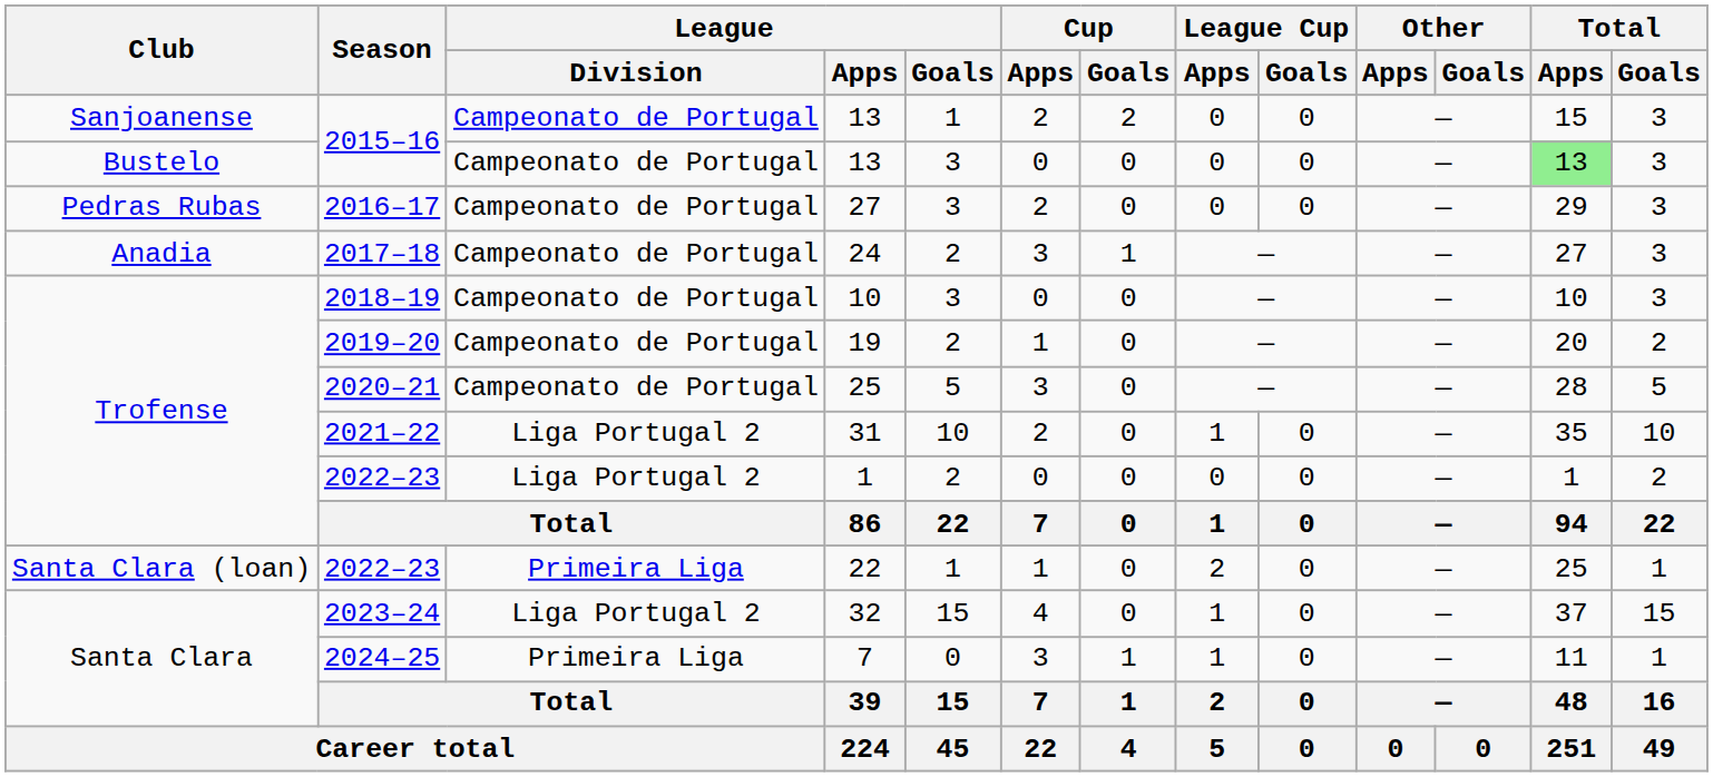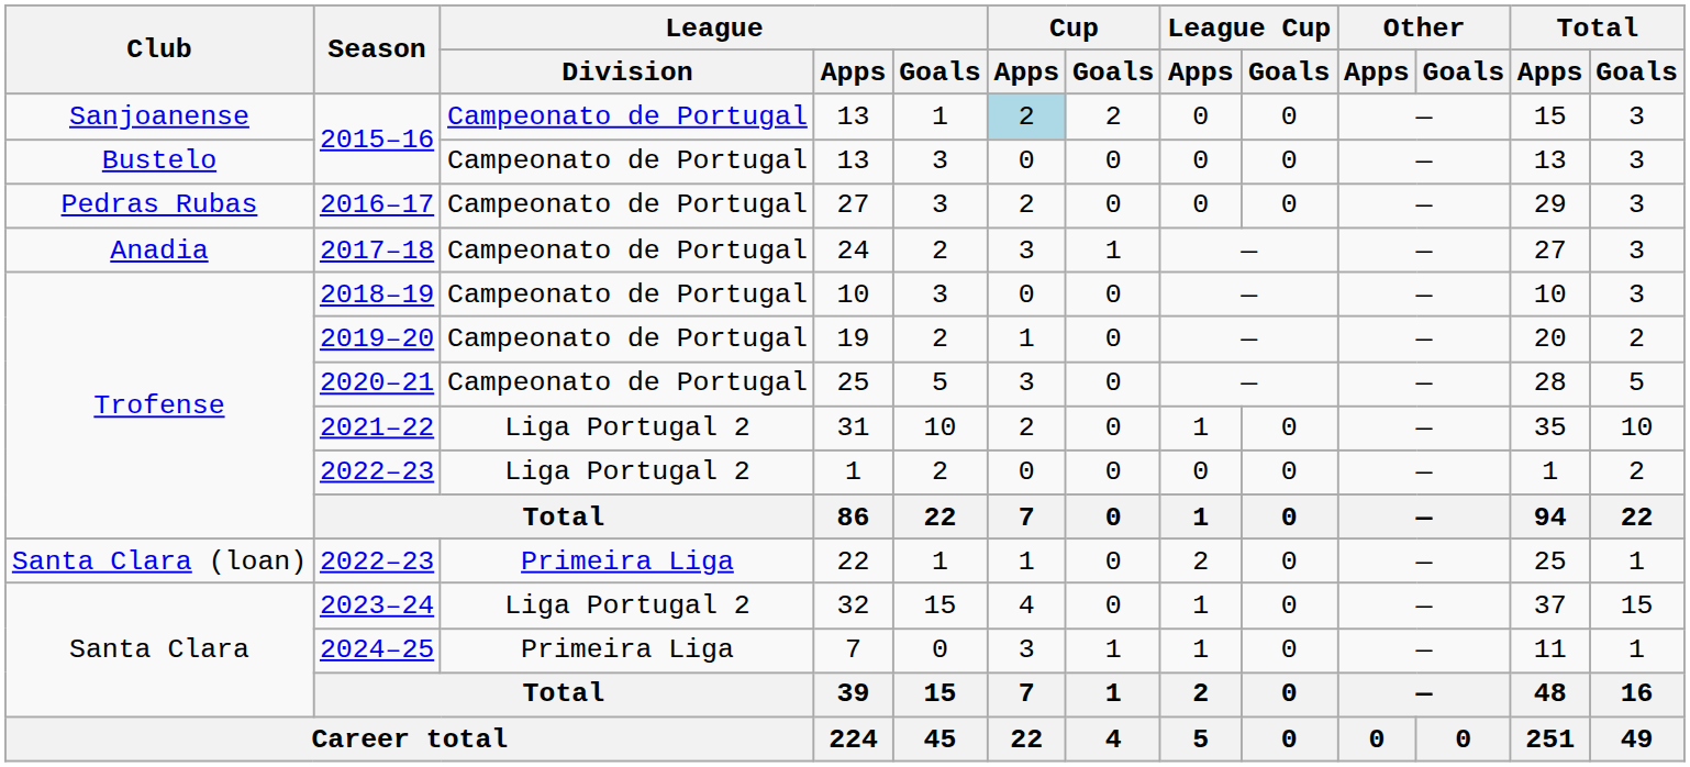 <table class="wikitable" style="text-align: center;">
 <tr>
 <th rowspan="2">Club</th>
 <th rowspan="2">Season</th>
 <th colspan="3">League</th>
 <th colspan="2">Cup</th>
 <th colspan="2">League Cup</th>
 <th colspan="2">Other</th>
 <th colspan="2">Total</th>
 </tr>
 <tr>
 <th>Division</th>
 <th>Apps</th>
 <th>Goals</th>
 <th>Apps</th>
 <th>Goals</th>
 <th>Apps</th>
 <th>Goals</th>
 <th>Apps</th>
 <th>Goals</th>
 <th>Apps</th>
 <th>Goals</th>
 </tr>
 <tr>
 <td><a href='#'>Sanjoanense</a></td>
 <td rowspan="2"><a href='#'>2015–16</a></td>
 <td><a href='#'>Campeonato de Portugal</a></td>
 <td>13</td>
 <td>1</td>
-<td>2</td>
+<td style="background: lightblue;">2</td>
 <td>2</td>
 <td>0</td>
 <td>0</td>
 <td colspan="2">—</td>
 <td>15</td>
 <td>3</td>
 </tr>
 <tr>
 <td><a href='#'>Bustelo</a></td>
 <td>Campeonato de Portugal</td>
 <td>13</td>
 <td>3</td>
 <td>0</td>
 <td>0</td>
 <td>0</td>
 <td>0</td>
 <td colspan="2">—</td>
-<td style="background: lightgreen;">13</td>
+<td>13</td>
 <td>3</td>
 </tr>
 <tr>
 <td><a href='#'>Pedras Rubas</a></td>
 <td><a href='#'>2016–17</a></td>
 <td>Campeonato de Portugal</td>
 <td>27</td>
 <td>3</td>
 <td>2</td>
 <td>0</td>
 <td>0</td>
 <td>0</td>
 <td colspan="2">—</td>
 <td>29</td>
 <td>3</td>
 </tr>
 <tr>
 <td><a href='#'>Anadia</a></td>
 <td><a href='#'>2017–18</a></td>
 <td>Campeonato de Portugal</td>
 <td>24</td>
 <td>2</td>
 <td>3</td>
 <td>1</td>
 <td colspan="2">—</td>
 <td colspan="2">—</td>
 <td>27</td>
 <td>3</td>
 </tr>
 <tr>
 <td rowspan="6"><a href='#'>Trofense</a></td>
 <td><a href='#'>2018–19</a></td>
 <td>Campeonato de Portugal</td>
 <td>10</td>
 <td>3</td>
 <td>0</td>
 <td>0</td>
 <td colspan="2">—</td>
 <td colspan="2">—</td>
 <td>10</td>
 <td>3</td>
 </tr>
 <tr>
 <td><a href='#'>2019–20</a></td>
 <td>Campeonato de Portugal</td>
 <td>19</td>
 <td>2</td>
 <td>1</td>
 <td>0</td>
 <td colspan="2">—</td>
 <td colspan="2">—</td>
 <td>20</td>
 <td>2</td>
 </tr>
 <tr>
 <td><a href='#'>2020–21</a></td>
 <td>Campeonato de Portugal</td>
 <td>25</td>
 <td>5</td>
 <td>3</td>
 <td>0</td>
 <td colspan="2">—</td>
 <td colspan="2">—</td>
 <td>28</td>
 <td>5</td>
 </tr>
 <tr>
 <td><a href='#'>2021–22</a></td>
 <td>Liga Portugal 2</td>
 <td>31</td>
 <td>10</td>
 <td>2</td>
 <td>0</td>
 <td>1</td>
 <td>0</td>
 <td colspan="2">—</td>
 <td>35</td>
 <td>10</td>
 </tr>
 <tr>
 <td><a href='#'>2022–23</a></td>
 <td>Liga Portugal 2</td>
 <td>1</td>
 <td>2</td>
 <td>0</td>
 <td>0</td>
 <td>0</td>
 <td>0</td>
 <td colspan="2">—</td>
 <td>1</td>
 <td>2</td>
 </tr>
 <tr>
 <th colspan="2">Total</th>
 <th>86</th>
 <th>22</th>
 <th>7</th>
 <th>0</th>
 <th>1</th>
 <th>0</th>
 <th colspan="2">—</th>
 <th>94</th>
 <th>22</th>
 </tr>
 <tr>
 <td><a href='#'>Santa Clara</a> (loan)</td>
 <td><a href='#'>2022–23</a></td>
 <td><a href='#'>Primeira Liga</a></td>
 <td>22</td>
 <td>1</td>
 <td>1</td>
 <td>0</td>
 <td>2</td>
 <td>0</td>
 <td colspan="2">—</td>
 <td>25</td>
 <td>1</td>
 </tr>
 <tr>
 <td rowspan="3">Santa Clara</td>
 <td><a href='#'>2023–24</a></td>
 <td>Liga Portugal 2</td>
 <td>32</td>
 <td>15</td>
 <td>4</td>
 <td>0</td>
 <td>1</td>
 <td>0</td>
 <td colspan="2">—</td>
 <td>37</td>
 <td>15</td>
 </tr>
 <tr>
 <td><a href='#'>2024–25</a></td>
 <td>Primeira Liga</td>
 <td>7</td>
 <td>0</td>
 <td>3</td>
 <td>1</td>
 <td>1</td>
 <td>0</td>
 <td colspan="2">—</td>
 <td>11</td>
 <td>1</td>
 </tr>
 <tr>
 <th colspan="2">Total</th>
 <th>39</th>
 <th>15</th>
 <th>7</th>
 <th>1</th>
 <th>2</th>
 <th>0</th>
 <th colspan="2">—</th>
 <th>48</th>
 <th>16</th>
 </tr>
 <tr>
 <th colspan="3">Career total</th>
 <th>224</th>
 <th>45</th>
 <th>22</th>
 <th>4</th>
 <th>5</th>
 <th>0</th>
 <th>0</th>
 <th>0</th>
 <th>251</th>
 <th>49</th>
 </tr>
 </table>
